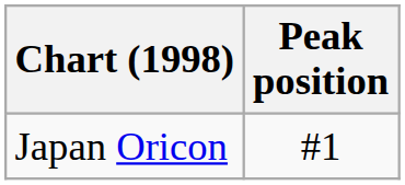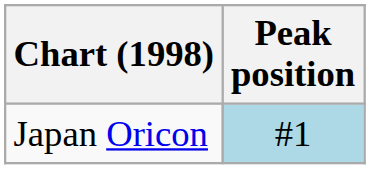 <table class="wikitable">
 <tr>
 <th align="left">Chart (1998)</th>
 <th align="center">Peak<br>position</th>
 </tr>
 <tr>
 <td align="left">Japan <a href='#'>Oricon</a></td>
-<td align="center">#1</td>
+<td align="center" style="background: lightblue;">#1</td>
 </tr>
 </table>
